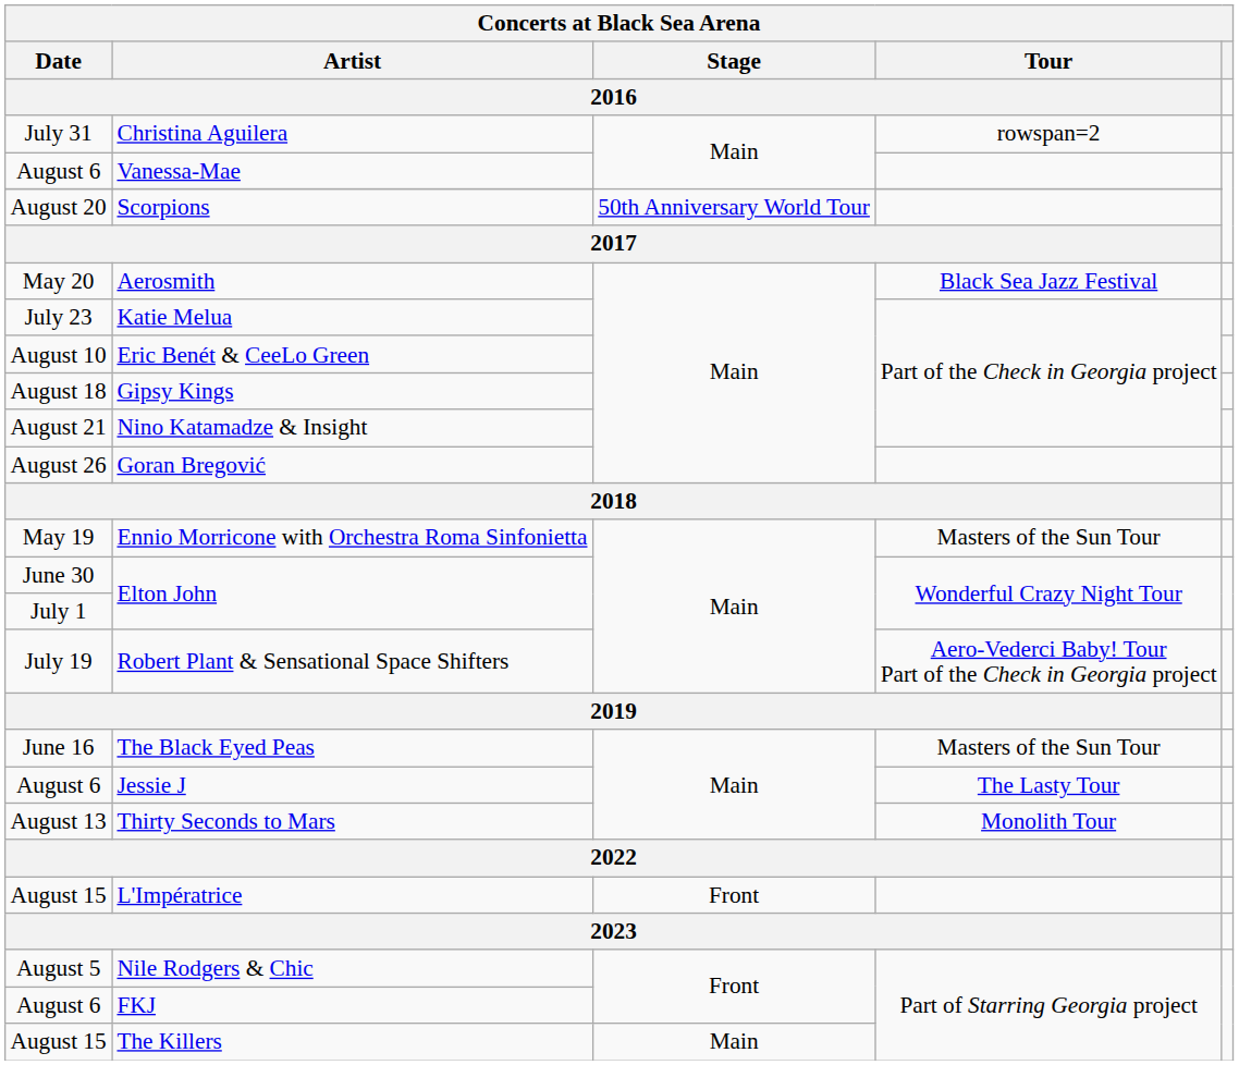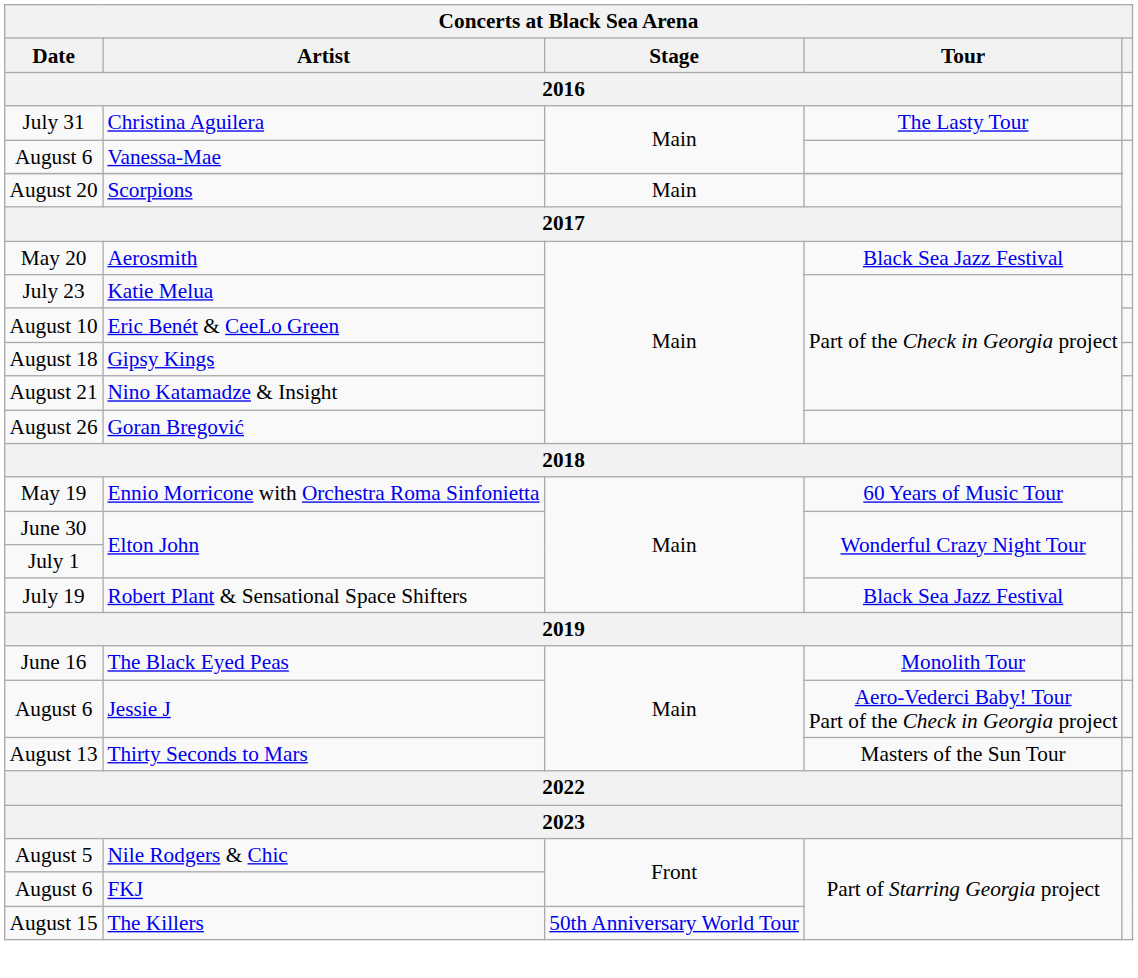 <table class="wikitable collapsible" style="text-align:center;">
 <tr>
 <th colspan=5>Concerts at Black Sea Arena</th>
 </tr>
 <tr>
 <th>Date</th>
 <th>Artist</th>
 <th>Stage</th>
 <th>Tour</th>
 <th></th>
 </tr>
 <tr>
 <th colspan=4>2016</th>
 </tr>
 <tr>
 <td>July 31</td>
 <td align=left><a href='#'>Christina Aguilera</a></td>
 <td rowspan=3>Main</td>
-<td>rowspan=2 </td>
+<td><a href='#'>The Lasty Tour</a></td>
 <td></td>
 </tr>
 <tr>
 <td>August 6</td>
 <td align=left><a href='#'>Vanessa-Mae</a></td>
 <td></td>
 </tr>
 <tr>
 </tr>
 <tr>
 <td>August 20</td>
 <td align=left><a href='#'>Scorpions</a></td>
-<td><a href='#'>50th Anniversary World Tour</a></td>
+<td>Main</td>
 <td></td>
 </tr>
 <tr>
 <th colspan=4>2017</th>
 </tr>
 <tr>
 <td>May 20</td>
 <td align=left><a href='#'>Aerosmith</a></td>
 <td rowspan=6>Main</td>
 <td><a href='#'>Black Sea Jazz Festival</a></td>
 <td></td>
 </tr>
 <tr>
 <td>July 23</td>
 <td align=left><a href='#'>Katie Melua</a></td>
 <td rowspan="4">Part of the <em>Check in Georgia</em> project</td>
 <td></td>
 </tr>
 <tr>
 <td>August 10</td>
 <td align=left><a href='#'>Eric Benét</a> & <a href='#'>CeeLo Green</a></td>
 <td></td>
 </tr>
 <tr>
 <td>August 18</td>
 <td align=left><a href='#'>Gipsy Kings</a></td>
 <td></td>
 </tr>
 <tr>
 <td>August 21</td>
 <td align=left><a href='#'>Nino Katamadze</a> & Insight</td>
 <td></td>
 </tr>
 <tr>
 <td>August 26</td>
 <td align=left><a href='#'>Goran Bregović</a></td>
 <td></td>
 <td></td>
 </tr>
 <tr>
 <th colspan=4>2018</th>
 </tr>
 <tr>
 <td>May 19</td>
 <td align=left><a href='#'>Ennio Morricone</a> with <a href='#'>Orchestra Roma Sinfonietta</a></td>
 <td rowspan=4>Main</td>
-<td>Masters of the Sun Tour</td>
+<td><a href='#'>60 Years of Music Tour</a></td>
 <td></td>
 </tr>
 <tr>
 <td>June 30</td>
 <td rowspan="2" align=left><a href='#'>Elton John</a></td>
 <td rowspan="2"><a href='#'>Wonderful Crazy Night Tour</a></td>
 <td rowspan="2"></td>
 </tr>
 <tr>
 <td>July 1</td>
 </tr>
 <tr>
 <td>July 19</td>
 <td align=left><a href='#'>Robert Plant</a> & Sensational Space Shifters</td>
-<td><a href='#'>Aero-Vederci Baby! Tour</a> <br>Part of the <em>Check in Georgia</em> project</td>
+<td><a href='#'>Black Sea Jazz Festival</a></td>
 <td></td>
 </tr>
 <tr>
 <th colspan=4>2019</th>
 </tr>
 <tr>
 <td>June 16</td>
 <td align=left><a href='#'>The Black Eyed Peas</a></td>
 <td rowspan=3>Main</td>
-<td>Masters of the Sun Tour</td>
+<td><a href='#'>Monolith Tour</a></td>
 <td></td>
 </tr>
 <tr>
 <td>August 6</td>
 <td align=left><a href='#'>Jessie J</a></td>
-<td><a href='#'>The Lasty Tour</a></td>
+<td><a href='#'>Aero-Vederci Baby! Tour</a> <br>Part of the <em>Check in Georgia</em> project</td>
 <td></td>
 </tr>
 <tr>
 <td>August 13</td>
 <td align=left><a href='#'>Thirty Seconds to Mars</a></td>
-<td><a href='#'>Monolith Tour</a></td>
+<td>Masters of the Sun Tour</td>
 <td></td>
 </tr>
 <tr>
 <th colspan=4>2022</th>
-</tr>
-<tr>
-<td>August 15</td>
-<td align=left><a href='#'>L'Impératrice</a></td>
-<td>Front</td>
-<td></td>
-<td></td>
 </tr>
 <tr>
 <th colspan=4>2023</th>
 </tr>
 <tr>
 <td>August 5</td>
 <td align=left><a href='#'>Nile Rodgers</a> & <a href='#'>Chic</a></td>
 <td rowspan=2>Front</td>
 <td rowspan="3">Part of <em>Starring Georgia</em> project</td>
 <td rowspan="3"></td>
 </tr>
 <tr>
 <td>August 6</td>
 <td align=left><a href='#'>FKJ</a></td>
 </tr>
 <tr>
 <td>August 15</td>
 <td align=left><a href='#'>The Killers</a></td>
-<td>Main</td>
+<td><a href='#'>50th Anniversary World Tour</a></td>
 </tr>
 </table>
